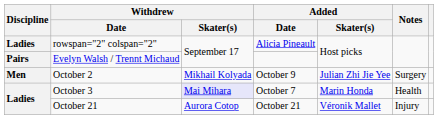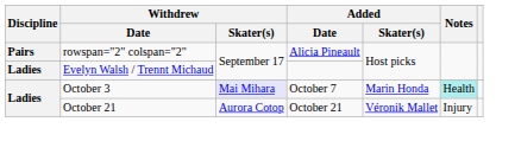 <table class="wikitable unsortable">
 <tr>
 <th scope="col" rowspan=2>Discipline</th>
 <th scope="col" colspan=2>Withdrew</th>
 <th scope="col" colspan=2>Added</th>
 <th scope="col" rowspan=2>Notes</th>
 <th scope="col" rowspan=2></th>
 </tr>
 <tr>
 <th>Date</th>
 <th>Skater(s)</th>
 <th>Date</th>
 <th>Skater(s)</th>
 </tr>
 <tr>
-<th scope="row" style="text-align:left">Ladies</th>
+<th scope="row" style="text-align:left">Pairs</th>
 <td>rowspan="2" colspan="2" </td>
 <td rowspan="2">September 17</td>
 <td> <a href='#'>Alicia Pineault</a></td>
 <td rowspan=2>Host picks</td>
 <td rowspan=2></td>
 </tr>
 <tr>
-<th scope="row" style="text-align:left">Pairs</th>
+<th scope="row" style="text-align:left">Ladies</th>
 <td> <a href='#'>Evelyn Walsh</a> / <a href='#'>Trennt Michaud</a></td>
-</tr>
-<tr>
-<th scope="row" style="text-align:left">Men</th>
-<td>October 2</td>
-<td> <a href='#'>Mikhail Kolyada</a></td>
-<td>October 9</td>
-<td> <a href='#'>Julian Zhi Jie Yee</a></td>
-<td>Surgery</td>
-<td></td>
 </tr>
 <tr>
 <th scope="row" style="text-align:left" rowspan="2">Ladies</th>
 <td>October 3</td>
 <td style="background: lavender;"> <a href='#'>Mai Mihara</a></td>
 <td>October 7</td>
 <td> <a href='#'>Marin Honda</a></td>
-<td>Health</td>
+<td style="background: paleturquoise;">Health</td>
 <td></td>
 </tr>
 <tr>
 <td>October 21</td>
 <td> <a href='#'>Aurora Cotop</a></td>
 <td>October 21</td>
 <td> <a href='#'>Véronik Mallet</a></td>
 <td>Injury</td>
 <td></td>
 </tr>
 </table>
